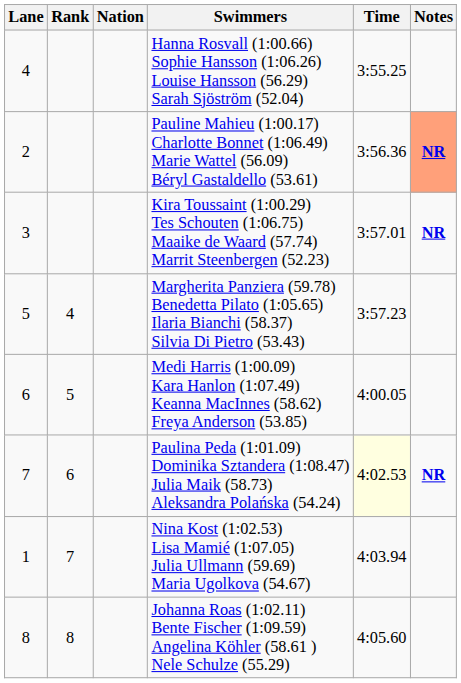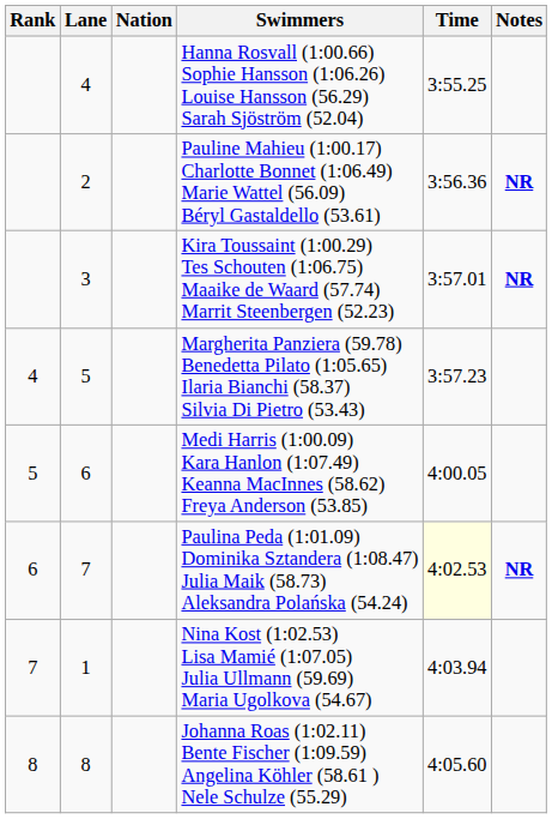 <table class="wikitable sortable" style="text-align:center">
 <tr>
+<th>Rank</th>
 <th>Lane</th>
-<th>Rank</th>
 <th>Nation</th>
 <th>Swimmers</th>
 <th>Time</th>
 <th>Notes</th>
 </tr>
 <tr>
+<td></td>
 <td>4</td>
-<td></td>
 <td align=left></td>
 <td align=left><a href='#'>Hanna Rosvall</a> (1:00.66)<br><a href='#'>Sophie Hansson</a> (1:06.26)<br><a href='#'>Louise Hansson</a> (56.29)<br><a href='#'>Sarah Sjöström</a> (52.04)</td>
 <td>3:55.25</td>
 <td></td>
 </tr>
 <tr>
+<td></td>
 <td>2</td>
-<td></td>
 <td align=left></td>
 <td align=left><a href='#'>Pauline Mahieu</a> (1:00.17)<br><a href='#'>Charlotte Bonnet</a> (1:06.49)<br><a href='#'>Marie Wattel</a> (56.09)<br><a href='#'>Béryl Gastaldello</a> (53.61)</td>
 <td>3:56.36</td>
-<td style="background: lightsalmon;"><strong><a href='#'>NR</a></strong></td>
+<td><strong><a href='#'>NR</a></strong></td>
 </tr>
 <tr>
+<td></td>
 <td>3</td>
-<td></td>
 <td align=left></td>
 <td align=left><a href='#'>Kira Toussaint</a> (1:00.29)<br><a href='#'>Tes Schouten</a> (1:06.75)<br><a href='#'>Maaike de Waard</a> (57.74)<br><a href='#'>Marrit Steenbergen</a> (52.23)</td>
 <td>3:57.01</td>
 <td><strong><a href='#'>NR</a></strong></td>
 </tr>
 <tr>
+<td>4</td>
 <td>5</td>
-<td>4</td>
 <td align=left></td>
 <td align=left><a href='#'>Margherita Panziera</a> (59.78)<br><a href='#'>Benedetta Pilato</a> (1:05.65)<br><a href='#'>Ilaria Bianchi</a> (58.37)<br><a href='#'>Silvia Di Pietro</a> (53.43)</td>
 <td>3:57.23</td>
 <td></td>
 </tr>
 <tr>
+<td>5</td>
 <td>6</td>
-<td>5</td>
 <td align=left></td>
 <td align=left><a href='#'>Medi Harris</a> (1:00.09)<br><a href='#'>Kara Hanlon</a> (1:07.49)<br><a href='#'>Keanna MacInnes</a> (58.62)<br><a href='#'>Freya Anderson</a> (53.85)</td>
 <td>4:00.05</td>
 <td></td>
 </tr>
 <tr>
+<td>6</td>
 <td>7</td>
-<td>6</td>
 <td align=left></td>
 <td align=left><a href='#'>Paulina Peda</a> (1:01.09)<br><a href='#'>Dominika Sztandera</a> (1:08.47)<br><a href='#'>Julia Maik</a> (58.73)<br><a href='#'>Aleksandra Polańska</a> (54.24)</td>
 <td style="background: lightyellow;">4:02.53</td>
 <td><strong><a href='#'>NR</a></strong></td>
 </tr>
 <tr>
+<td>7</td>
 <td>1</td>
-<td>7</td>
 <td align=left></td>
 <td align=left><a href='#'>Nina Kost</a> (1:02.53)<br><a href='#'>Lisa Mamié</a> (1:07.05)<br><a href='#'>Julia Ullmann</a> (59.69)<br><a href='#'>Maria Ugolkova</a> (54.67)</td>
 <td>4:03.94</td>
 <td></td>
 </tr>
 <tr>
 <td>8</td>
 <td>8</td>
 <td align=left></td>
 <td align=left><a href='#'>Johanna Roas</a> (1:02.11)<br><a href='#'>Bente Fischer</a> (1:09.59)<br><a href='#'>Angelina Köhler</a> (58.61 )<br><a href='#'>Nele Schulze</a> (55.29)</td>
 <td>4:05.60</td>
 <td></td>
 </tr>
 </table>
